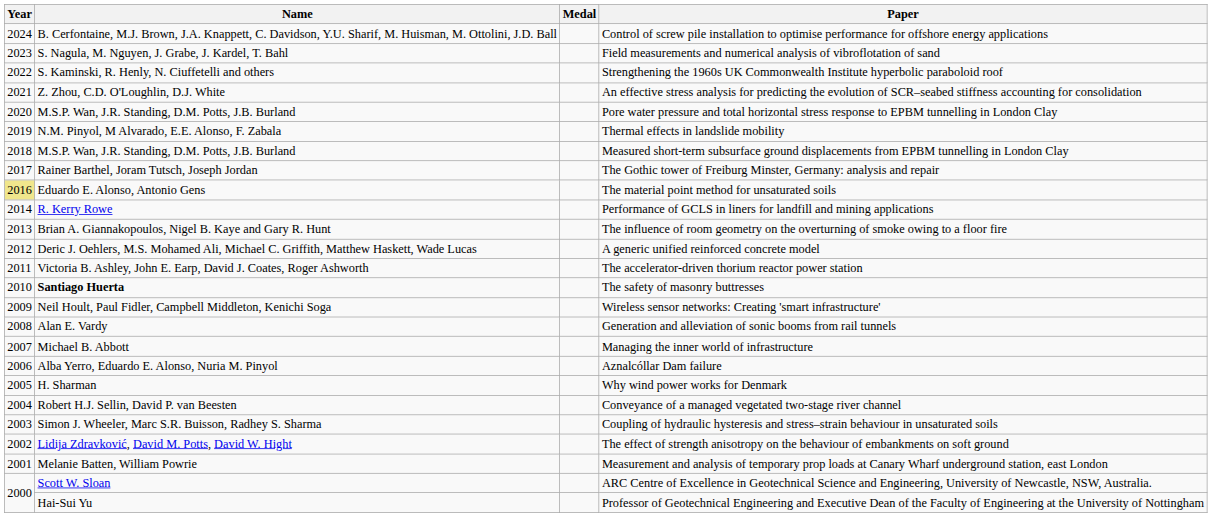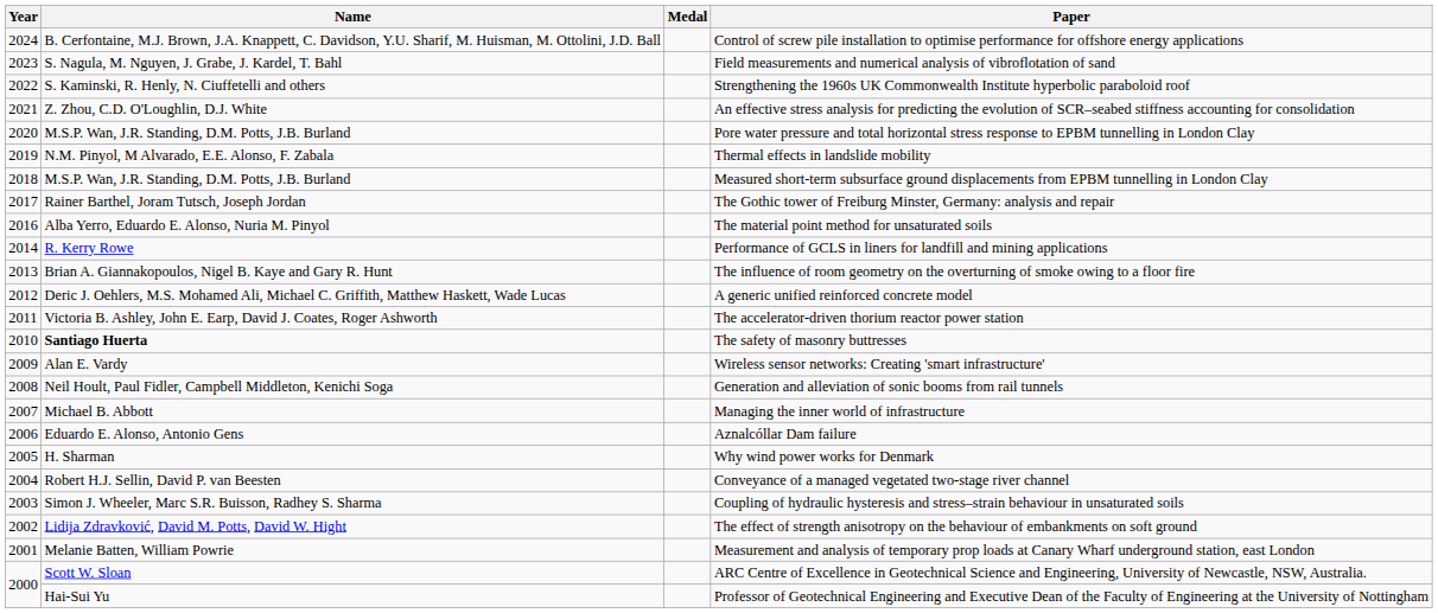 <table class="wikitable" style="align:left;">
 <tr>
 <th>Year</th>
 <th>Name</th>
 <th>Medal</th>
 <th>Paper</th>
 </tr>
 <tr>
 <td>2024</td>
 <td>B. Cerfontaine, M.J. Brown, J.A. Knappett, C. Davidson, Y.U. Sharif, M. Huisman, M. Ottolini, J.D. Ball</td>
 <td></td>
 <td>Control of screw pile installation to optimise performance for offshore energy applications </td>
 </tr>
 <tr>
 <td>2023</td>
 <td>S. Nagula, M. Nguyen, J. Grabe, J. Kardel, T. Bahl</td>
 <td></td>
 <td>Field measurements and numerical analysis of vibroflotation of sand </td>
 </tr>
 <tr>
 <td>2022</td>
 <td>S. Kaminski, R. Henly, N. Ciuffetelli and others</td>
 <td></td>
 <td>Strengthening the 1960s UK Commonwealth Institute hyperbolic paraboloid roof </td>
 </tr>
 <tr>
 <td>2021</td>
 <td>Z. Zhou, C.D. O'Loughlin, D.J. White</td>
 <td></td>
 <td>An effective stress analysis for predicting the evolution of SCR–seabed stiffness accounting for consolidation</td>
 </tr>
 <tr>
 <td>2020</td>
 <td>M.S.P. Wan, J.R. Standing, D.M. Potts, J.B. Burland</td>
 <td></td>
 <td>Pore water pressure and total horizontal stress response to EPBM tunnelling in London Clay </td>
 </tr>
 <tr>
 <td>2019</td>
 <td>N.M. Pinyol, M Alvarado, E.E. Alonso, F. Zabala</td>
 <td></td>
 <td>Thermal effects in landslide mobility </td>
 </tr>
 <tr>
 <td>2018</td>
 <td>M.S.P. Wan, J.R. Standing, D.M. Potts, J.B. Burland</td>
 <td></td>
 <td>Measured short-term subsurface ground displacements from EPBM tunnelling in London Clay </td>
 </tr>
 <tr>
 <td>2017</td>
 <td>Rainer Barthel, Joram Tutsch, Joseph Jordan</td>
 <td></td>
 <td>The Gothic tower of Freiburg Minster, Germany: analysis and repair </td>
 </tr>
 <tr>
-<td style="background: khaki;">2016</td>
-<td>Eduardo E. Alonso, Antonio Gens</td>
+<td>2016</td>
+<td>Alba Yerro, Eduardo E. Alonso, Nuria M. Pinyol</td>
 <td></td>
 <td>The material point method for unsaturated soils</td>
 </tr>
 <tr>
 <td>2014</td>
 <td><a href='#'>R. Kerry Rowe</a></td>
 <td></td>
 <td>Performance of GCLS in liners for landfill and mining applications</td>
 </tr>
 <tr>
 <td>2013</td>
 <td>Brian A. Giannakopoulos, Nigel B. Kaye and Gary R. Hunt</td>
 <td></td>
 <td>The influence of room geometry on the overturning of smoke owing to a floor fire </td>
 </tr>
 <tr>
 <td>2012</td>
 <td>Deric J. Oehlers, M.S. Mohamed Ali, Michael C. Griffith, Matthew Haskett, Wade Lucas</td>
 <td></td>
 <td>A generic unified reinforced concrete model</td>
 </tr>
 <tr>
 <td>2011</td>
 <td>Victoria B. Ashley, John E. Earp, David J. Coates, Roger Ashworth</td>
 <td></td>
 <td>The accelerator-driven thorium reactor power station </td>
 </tr>
 <tr>
 <td>2010</td>
 <td><strong>Santiago Huerta</strong></td>
 <td></td>
 <td>The safety of masonry buttresses</td>
 </tr>
 <tr>
 <td>2009</td>
-<td>Neil Hoult, Paul Fidler, Campbell Middleton, Kenichi Soga</td>
+<td>Alan E. Vardy</td>
 <td></td>
 <td>Wireless sensor networks: Creating 'smart infrastructure'</td>
 </tr>
 <tr>
 <td>2008</td>
-<td>Alan E. Vardy</td>
+<td>Neil Hoult, Paul Fidler, Campbell Middleton, Kenichi Soga</td>
 <td></td>
 <td>Generation and alleviation of sonic booms from rail tunnels </td>
 </tr>
 <tr>
 <td>2007</td>
 <td>Michael B. Abbott</td>
 <td></td>
 <td>Managing the inner world of infrastructure</td>
 </tr>
 <tr>
 <td>2006</td>
-<td>Alba Yerro, Eduardo E. Alonso, Nuria M. Pinyol</td>
+<td>Eduardo E. Alonso, Antonio Gens</td>
 <td></td>
 <td>Aznalcóllar Dam failure<br>  </td>
 </tr>
 <tr>
 <td>2005</td>
 <td>H. Sharman</td>
 <td></td>
 <td>Why wind power works for Denmark</td>
 </tr>
 <tr>
 <td>2004</td>
 <td>Robert H.J. Sellin, David P. van Beesten</td>
 <td></td>
 <td>Conveyance of a managed vegetated two-stage river channel </td>
 </tr>
 <tr>
 <td>2003</td>
 <td>Simon J. Wheeler, Marc S.R. Buisson, Radhey S. Sharma</td>
 <td></td>
 <td>Coupling of hydraulic hysteresis and stress–strain behaviour in unsaturated soils </td>
 </tr>
 <tr>
 <td>2002</td>
 <td><a href='#'>Lidija Zdravković</a>, <a href='#'>David M. Potts</a>, <a href='#'>David W. Hight</a></td>
 <td></td>
 <td>The effect of strength anisotropy on the behaviour of embankments on soft ground</td>
 </tr>
 <tr>
 <td>2001</td>
 <td>Melanie Batten, William Powrie</td>
 <td></td>
 <td>Measurement and analysis of temporary prop loads at Canary Wharf underground station, east London </td>
 </tr>
 <tr>
 <td rowspan = "2">2000</td>
 <td><a href='#'>Scott W. Sloan</a></td>
 <td></td>
 <td>ARC Centre of Excellence in Geotechnical Science and Engineering, University of Newcastle, NSW, Australia.</td>
 </tr>
 <tr>
 <td>Hai-Sui Yu</td>
 <td></td>
 <td>Professor of Geotechnical Engineering and Executive Dean of the Faculty of Engineering at the University of Nottingham</td>
 </tr>
 </table>
